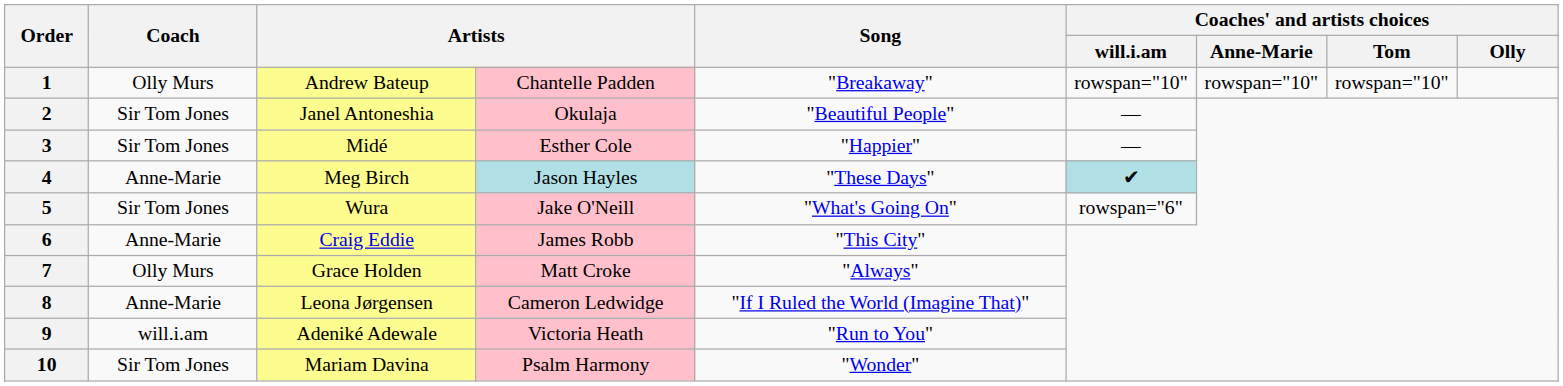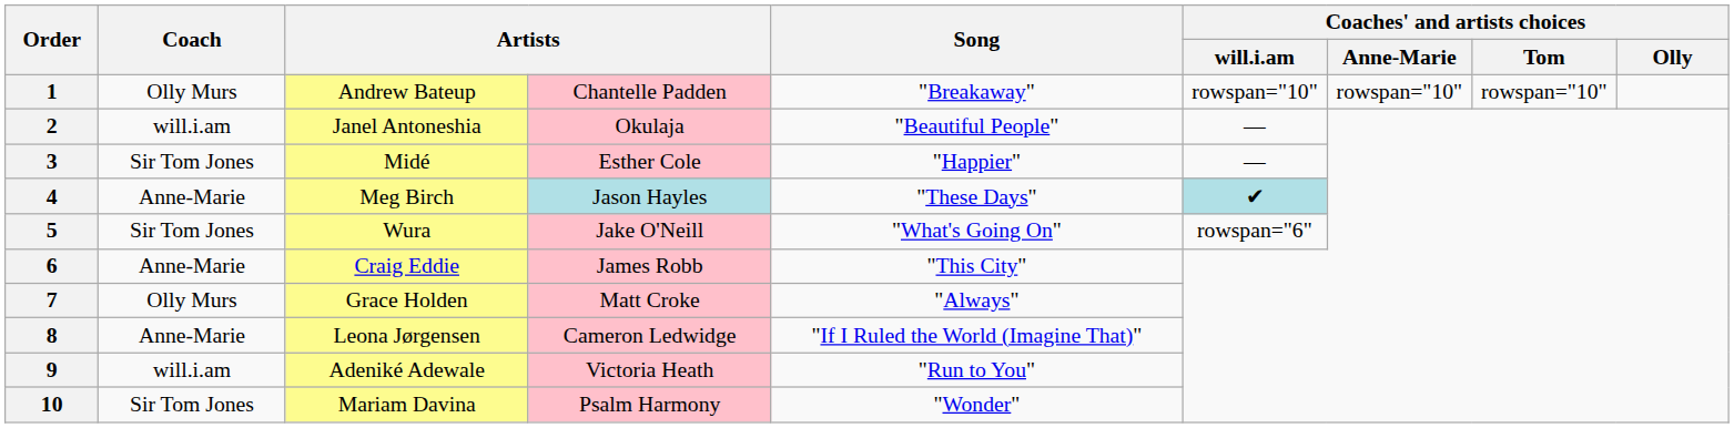 <table class="wikitable" style="text-align:center; width:100%">
 <tr>
 <th scope="col" style="width:05%" rowspan="2">Order</th>
 <th scope="col" style="width:10%" rowspan="2">Coach</th>
 <th scope="col" style="width:26%" colspan="2" rowspan="2">Artists</th>
 <th scope="col" style="width:22%" rowspan="2">Song</th>
 <th scope="col" style="width:24%" colspan="4">Coaches' and artists choices</th>
 </tr>
 <tr>
 <th style="width:06%">will.i.am</th>
 <th style="width:06%">Anne-Marie</th>
 <th style="width:06%">Tom</th>
 <th style="width:06%">Olly</th>
 </tr>
 <tr>
 <th scope="col">1</th>
 <td>Olly Murs</td>
 <td style="background:#fdfc8f">Andrew Bateup</td>
 <td style="background:pink; width:13%">Chantelle Padden</td>
 <td>"<a href='#'>Breakaway</a>"</td>
 <td>rowspan="10" </td>
 <td>rowspan="10" </td>
 <td>rowspan="10" </td>
 <td></td>
 </tr>
 <tr>
 <th scope="col">2</th>
-<td>Sir Tom Jones</td>
+<td>will.i.am</td>
 <td style="background:#fdfc8f">Janel Antoneshia</td>
 <td style="background:pink">Okulaja</td>
 <td>"<a href='#'>Beautiful People</a>"</td>
 <td>—</td>
 </tr>
 <tr>
 <th scope="col">3</th>
 <td>Sir Tom Jones</td>
 <td style="background:#fdfc8f">Midé</td>
 <td style="background:pink">Esther Cole</td>
 <td>"<a href='#'>Happier</a>"</td>
 <td>—</td>
 </tr>
 <tr>
 <th scope="col">4</th>
 <td>Anne-Marie</td>
 <td style="background:#fdfc8f">Meg Birch</td>
 <td style="background:#b0e0e6">Jason Hayles</td>
 <td>"<a href='#'>These Days</a>"</td>
 <td style="background:#b0e0e6">✔</td>
 </tr>
 <tr>
 <th scope="col">5</th>
 <td>Sir Tom Jones</td>
 <td style="background:#fdfc8f">Wura</td>
 <td style="background:pink">Jake O'Neill</td>
 <td>"<a href='#'>What's Going On</a>"</td>
 <td>rowspan="6" </td>
 </tr>
 <tr>
 <th scope="col">6</th>
 <td>Anne-Marie</td>
 <td style="background:#fdfc8f"><a href='#'>Craig Eddie</a></td>
 <td style="background:pink">James Robb</td>
 <td>"<a href='#'>This City</a>"</td>
 </tr>
 <tr>
 <th scope="col">7</th>
 <td>Olly Murs</td>
 <td style="background:#fdfc8f; width:13%">Grace Holden</td>
 <td style="background:pink">Matt Croke</td>
 <td>"<a href='#'>Always</a>"</td>
 </tr>
 <tr>
 <th scope="col">8</th>
 <td>Anne-Marie</td>
 <td style="background:#fdfc8f">Leona Jørgensen</td>
 <td style="background:pink">Cameron Ledwidge</td>
 <td>"<a href='#'>If I Ruled the World (Imagine That)</a>"</td>
 </tr>
 <tr>
 <th scope="col">9</th>
 <td>will.i.am</td>
 <td style="background:#fdfc8f">Adeniké Adewale</td>
 <td style="background:pink">Victoria Heath</td>
 <td>"<a href='#'>Run to You</a>"</td>
 </tr>
 <tr>
 <th scope="col">10</th>
 <td>Sir Tom Jones</td>
 <td style="background:#fdfc8f">Mariam Davina</td>
 <td style="background:pink">Psalm Harmony</td>
 <td>"<a href='#'>Wonder</a>"</td>
 </tr>
 </table>
